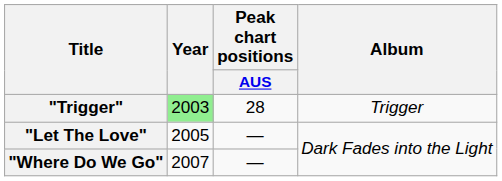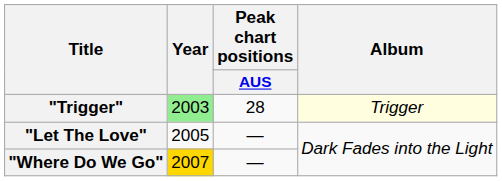 <table class="wikitable plainrowheaders" style="text-align:center;">
 <tr>
 <th scope="col" rowspan="2">Title</th>
 <th scope="col" rowspan="2">Year</th>
 <th scope="col" colspan="1">Peak chart positions</th>
 <th scope="col" rowspan="2">Album</th>
 </tr>
 <tr>
 <th scope="col" style="width:3em;font-size:90%;"><a href='#'>AUS</a><br></th>
 </tr>
 <tr>
 <th scope="row">"Trigger"</th>
 <td style="background: lightgreen;">2003</td>
 <td>28</td>
-<td><em>Trigger</em></td>
+<td style="background: lightyellow;"><em>Trigger</em></td>
 </tr>
 <tr>
 <th scope="row">"Let The Love"</th>
 <td>2005</td>
 <td>—</td>
 <td rowspan="2"><em>Dark Fades into the Light</em></td>
 </tr>
 <tr>
 <th scope="row">"Where Do We Go"</th>
-<td>2007</td>
+<td style="background: gold;">2007</td>
 <td>—</td>
 </tr>
 </table>
